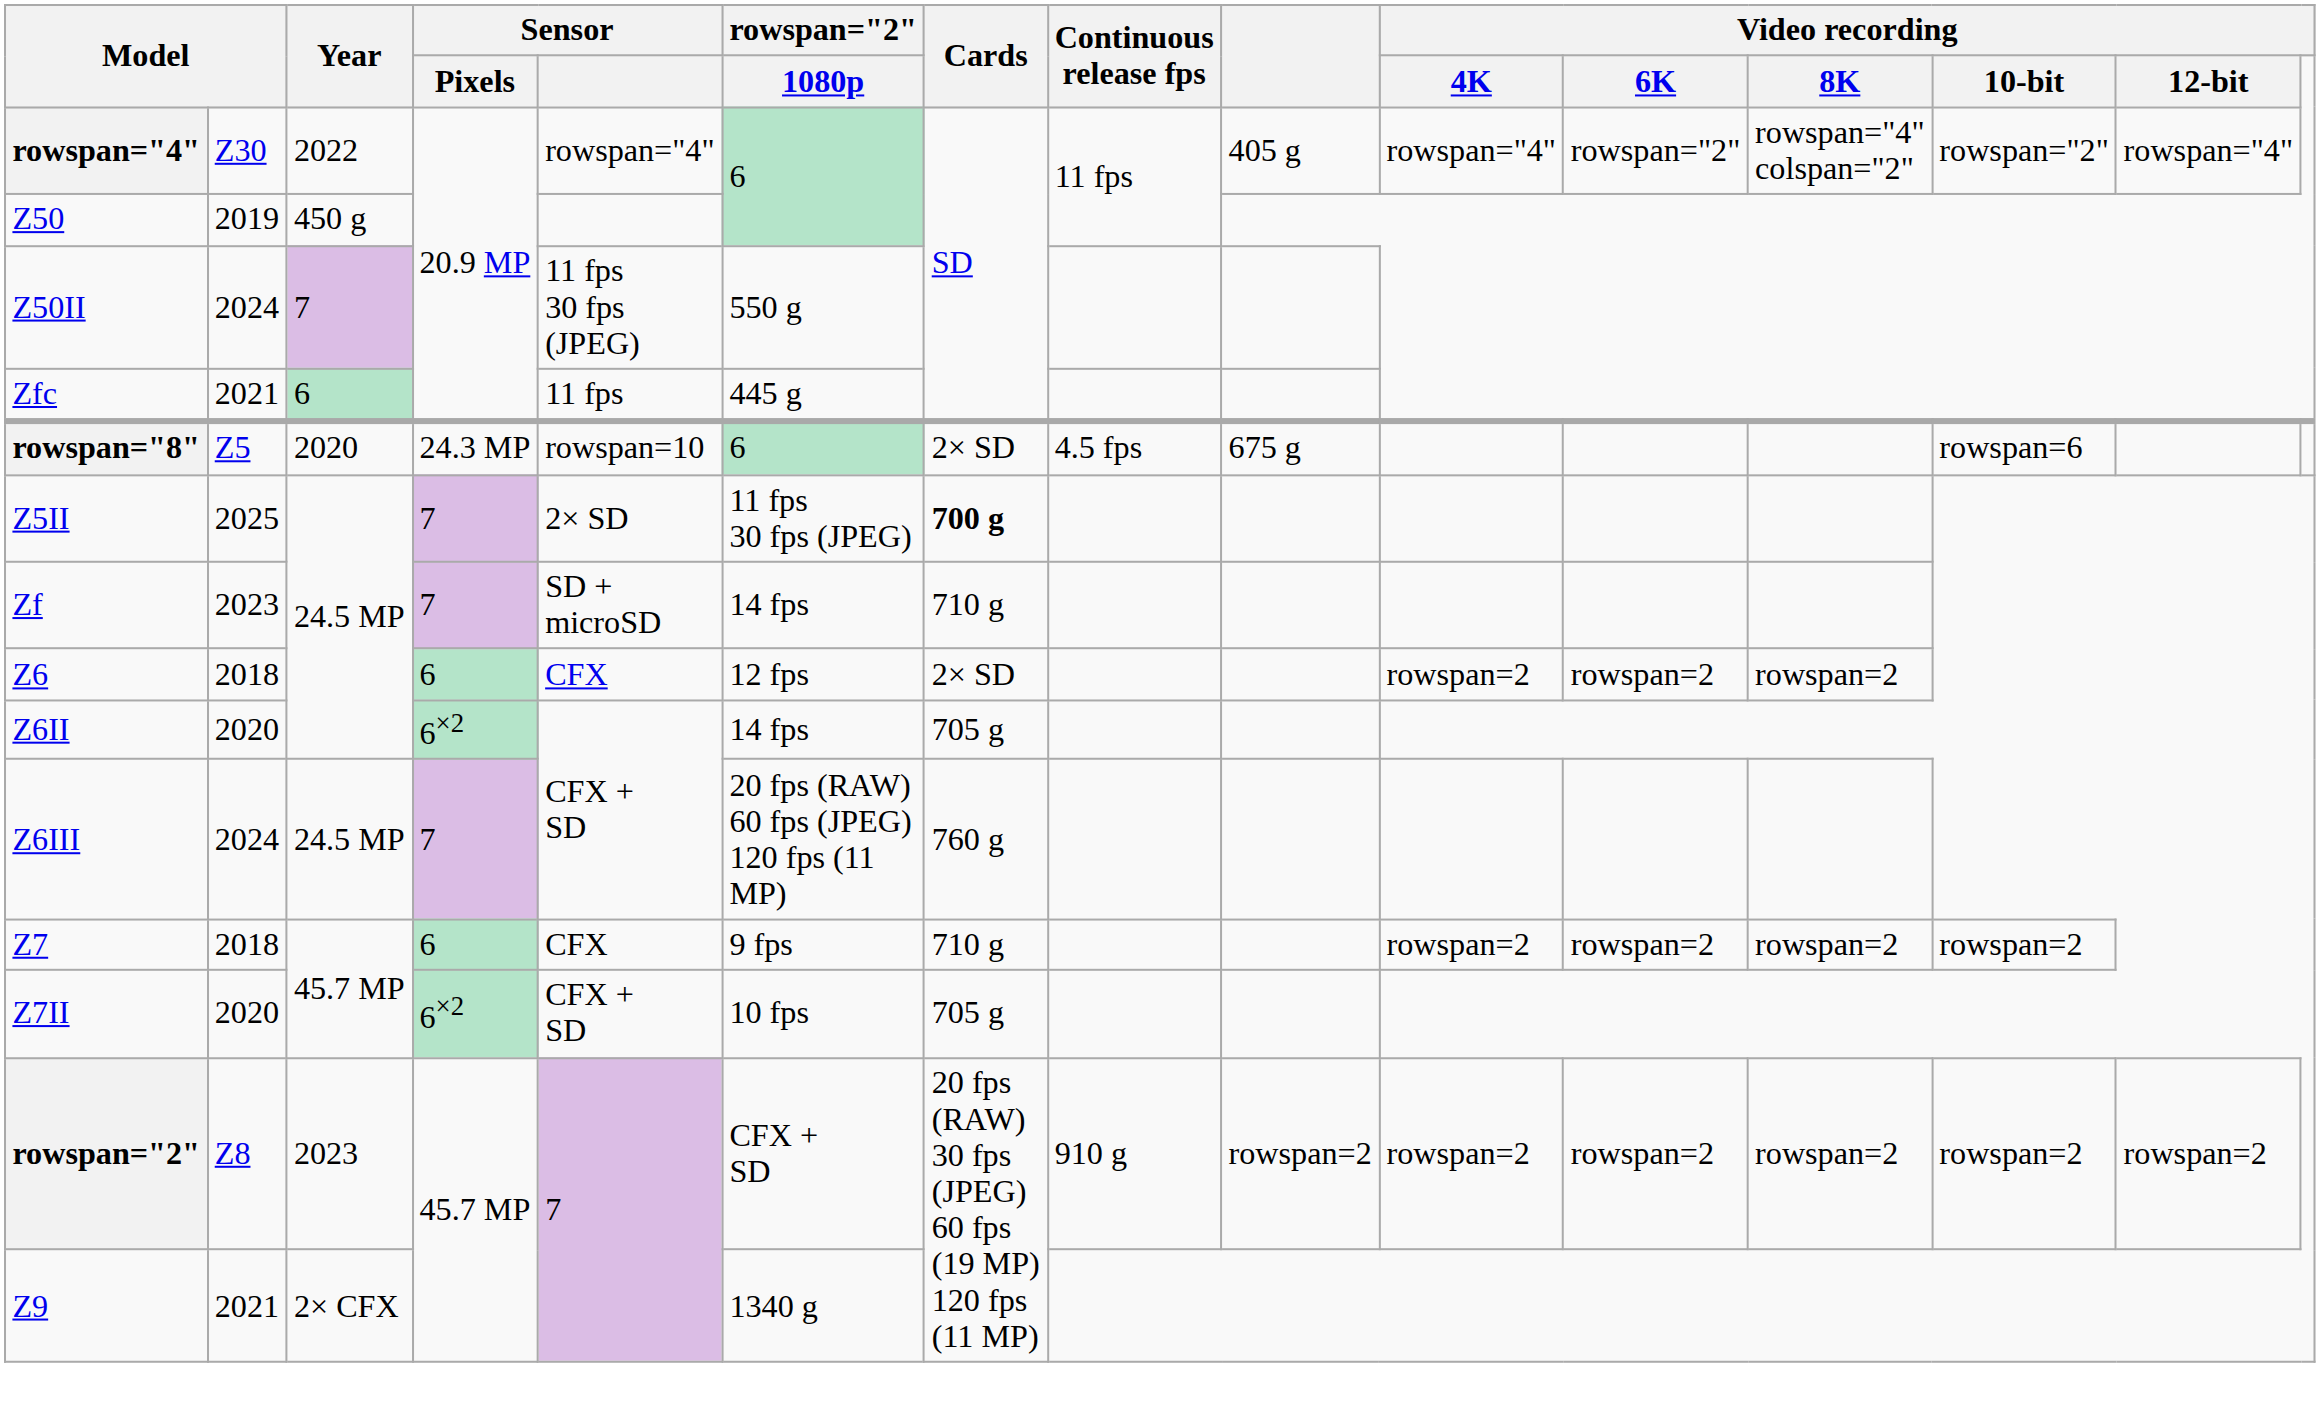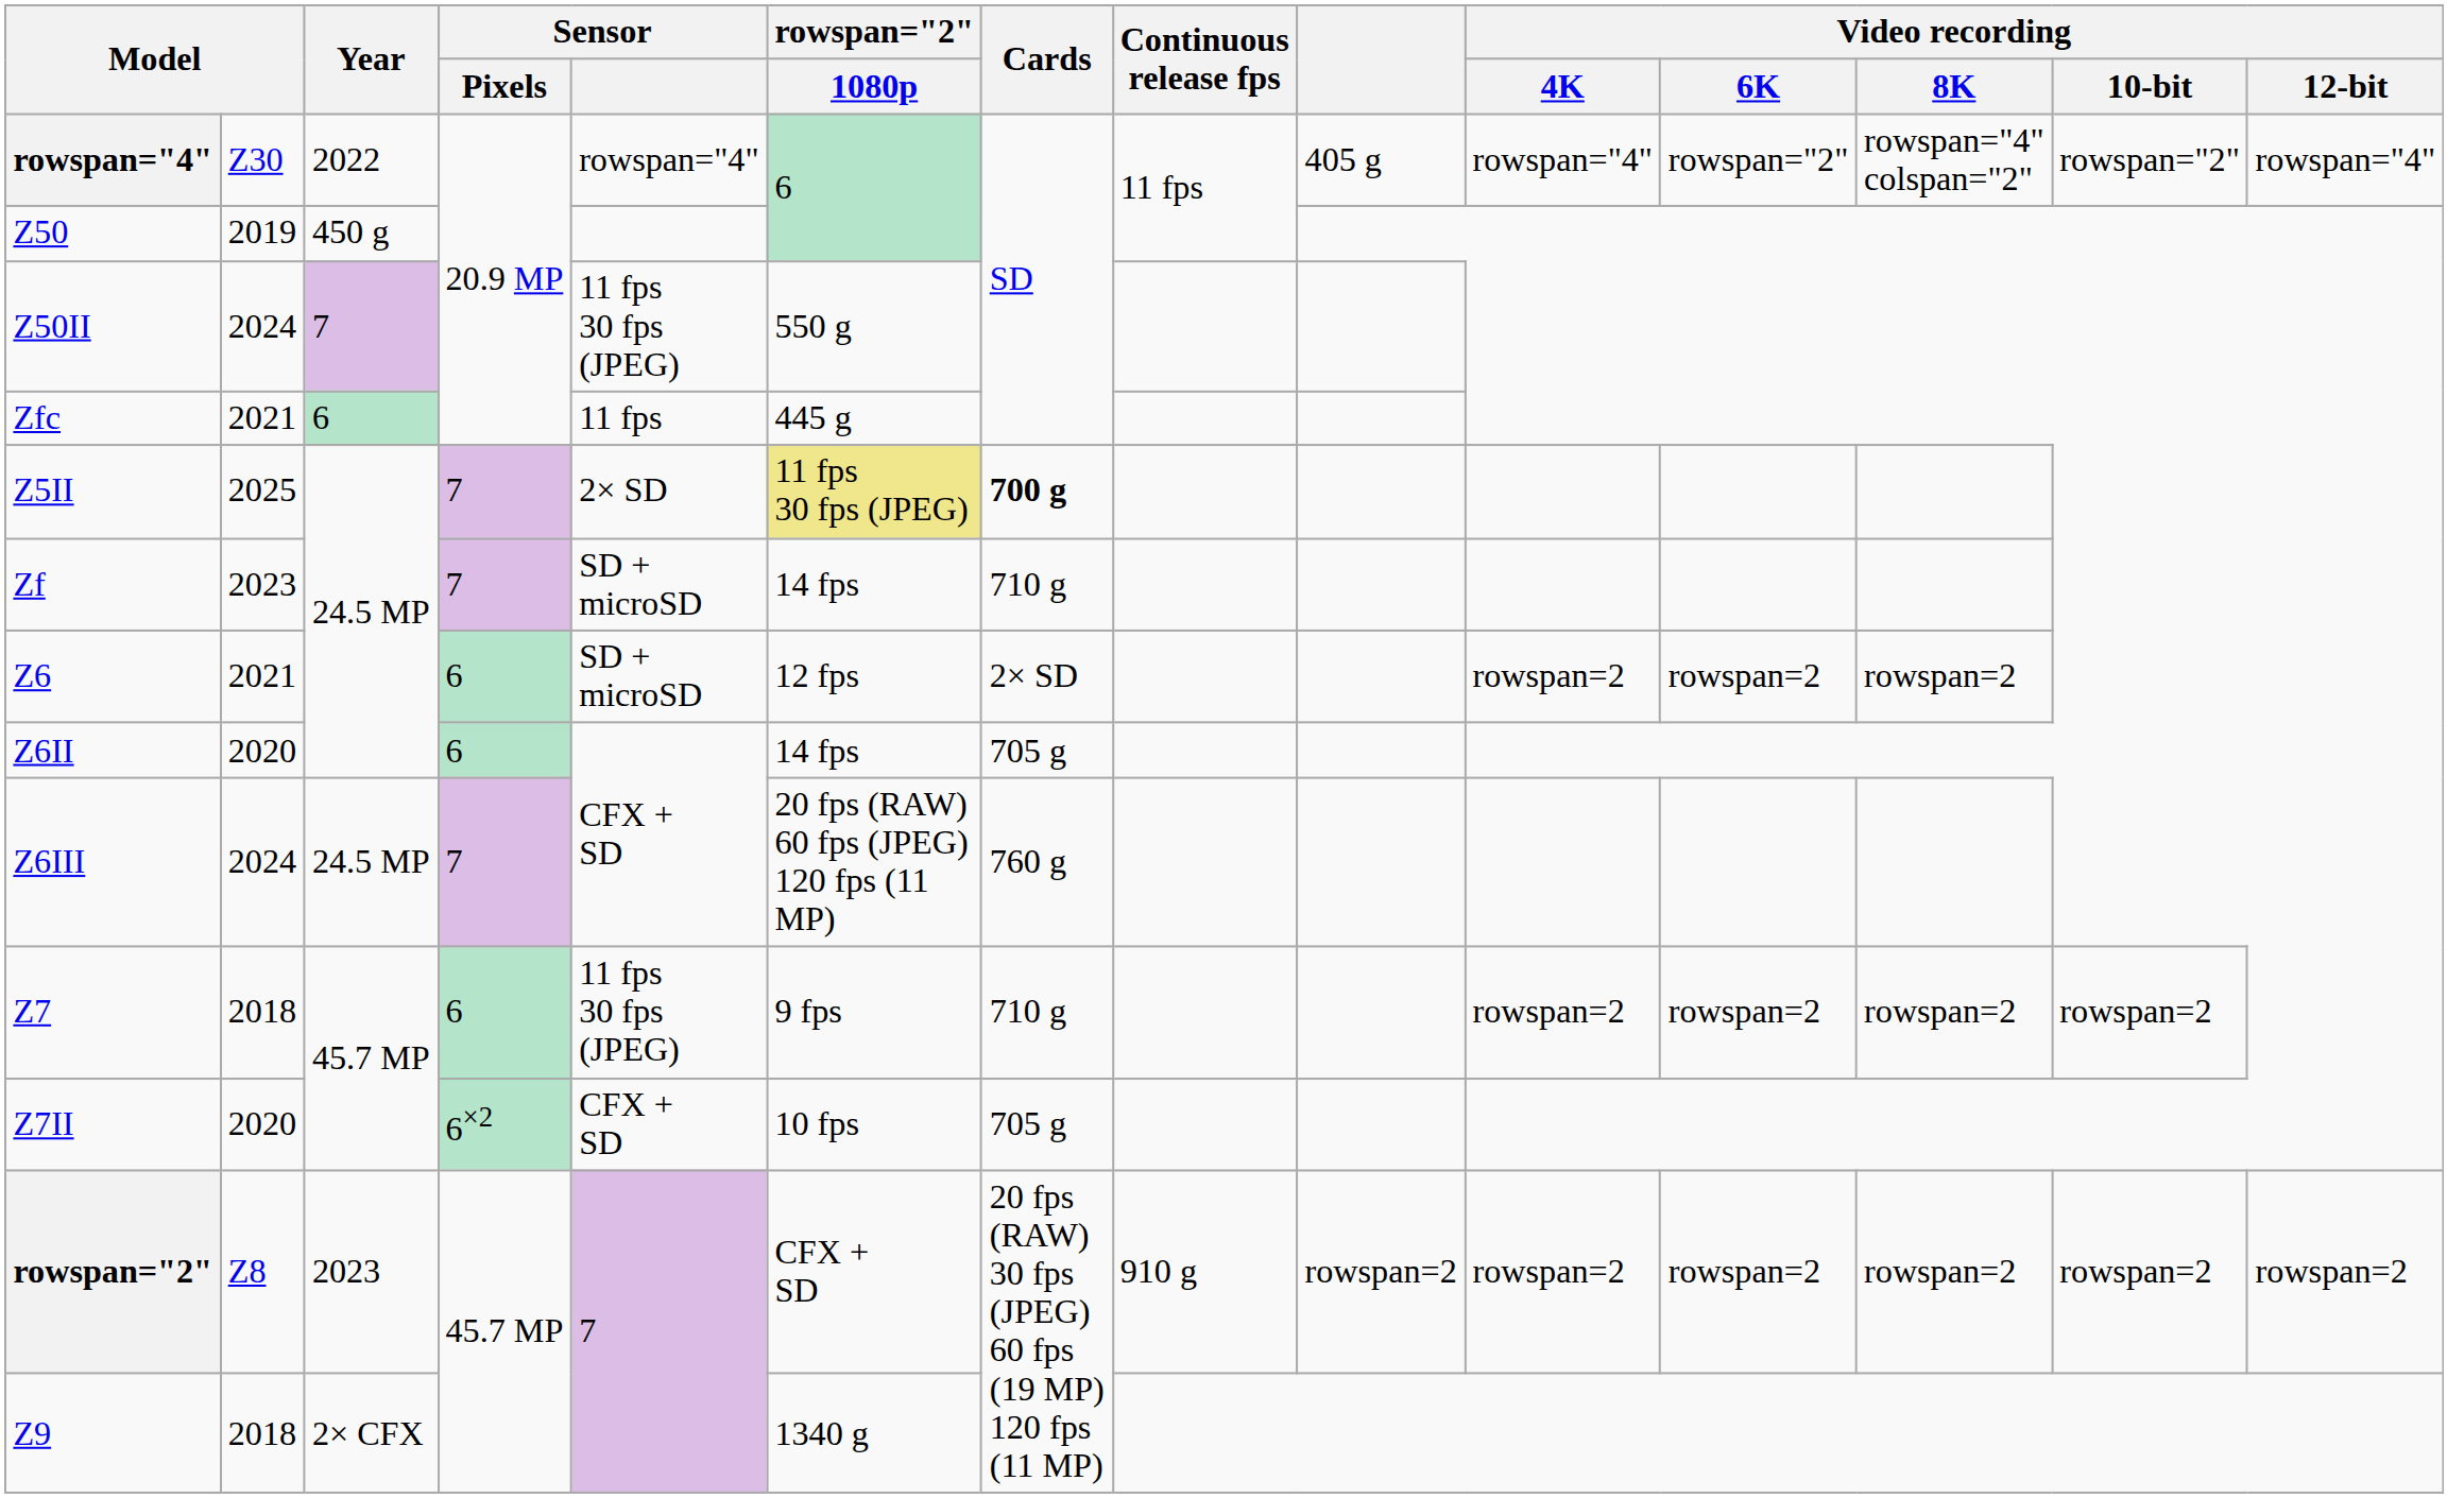 <table class="wikitable sortable" style="text-align:left">
 <tr bgcolor="#CCCCCC">
 <th colspan="2" rowspan="2">Model</th>
 <th rowspan="2">Year</th>
 <th colspan="2">Sensor</th>
 <th>rowspan="2" </th>
 <th rowspan="2">Cards</th>
 <th rowspan="2">Continuous<br>release fps</th>
 <th rowspan="2"></th>
 <th colspan="6">Video recording</th>
 </tr>
 <tr>
 <th>Pixels</th>
 <th></th>
 <th><a href='#'>1080p</a></th>
 <th><a href='#'>4K</a></th>
 <th><a href='#'>6K</a></th>
 <th><a href='#'>8K</a></th>
 <th>10-bit</th>
 <th>12-bit</th>
 </tr>
 <tr>
 <th>rowspan="4" </th>
 <td><a href='#'>Z30</a></td>
 <td>2022</td>
 <td rowspan="4">20.9 <a href='#'>MP</a></td>
 <td>rowspan="4" </td>
 <td rowspan="2" style="background:#b4e4c9;">6</td>
 <td rowspan="4"><a href='#'>SD</a></td>
 <td rowspan="2">11 fps</td>
 <td>405 g</td>
 <td>rowspan="4" </td>
 <td>rowspan="2" </td>
 <td>rowspan="4" colspan="2" </td>
 <td>rowspan="2" </td>
 <td>rowspan="4" </td>
 </tr>
 <tr>
 <td><a href='#'>Z50</a></td>
 <td>2019</td>
 <td>450 g</td>
 </tr>
 <tr>
 <td><a href='#'>Z50II</a></td>
 <td>2024</td>
 <td style="background:#dbbde5;">7</td>
 <td>11 fps<br>30 fps (JPEG)</td>
 <td>550 g</td>
 <td></td>
 <td></td>
 </tr>
 <tr>
 <td><a href='#'>Zfc</a></td>
 <td>2021</td>
 <td style="background:#b4e4c9;">6</td>
 <td>11 fps</td>
 <td>445 g</td>
 <td></td>
 <td></td>
 </tr>
-<tr style="border-top: solid 3px darkgray">
-<th>rowspan="8" </th>
-<td><a href='#'>Z5</a></td>
-<td>2020</td>
-<td>24.3 MP</td>
-<td>rowspan=10 </td>
-<td style="background:#b4e4c9;">6</td>
-<td>2× SD</td>
-<td>4.5 fps</td>
-<td>675 g</td>
-<td></td>
-<td></td>
-<td></td>
-<td>rowspan=6 </td>
-<td></td>
-<td></td>
-</tr>
 <tr>
 <td><a href='#'>Z5II</a></td>
 <td>2025</td>
 <td rowspan="4">24.5 MP</td>
 <td style="background:#dbbde5;">7</td>
 <td>2× SD</td>
-<td>11 fps<br>30 fps (JPEG)</td>
+<td style="background: khaki;">11 fps<br>30 fps (JPEG)</td>
 <td><strong>700 g</strong></td>
 <td></td>
 <td></td>
 <td></td>
 <td></td>
 <td></td>
 </tr>
 <tr>
 <td><a href='#'>Zf</a></td>
 <td>2023</td>
 <td style="background:#dbbde5;">7</td>
 <td>SD +<br>microSD</td>
 <td>14 fps</td>
 <td>710 g</td>
 <td></td>
 <td></td>
 <td></td>
 <td></td>
 <td></td>
 </tr>
 <tr>
 <td><a href='#'>Z6</a></td>
-<td>2018</td>
+<td>2021</td>
 <td style="background:#b4e4c9;">6</td>
-<td><a href='#'>CFX</a></td>
+<td>SD +<br>microSD</td>
 <td>12 fps</td>
 <td>2× SD</td>
 <td></td>
 <td></td>
 <td>rowspan=2 </td>
 <td>rowspan=2 </td>
 <td>rowspan=2 </td>
 </tr>
 <tr>
 <td><a href='#'>Z6II</a></td>
 <td>2020</td>
-<td style="background:#b4e4c9;">6<sup>×2</sup></td>
+<td style="background:#b4e4c9;">6</td>
 <td rowspan="2">CFX +<br>SD</td>
 <td>14 fps</td>
 <td>705 g</td>
 <td></td>
 <td></td>
 </tr>
 <tr>
 <td><a href='#'>Z6III</a></td>
 <td>2024</td>
 <td>24.5 MP</td>
 <td style="background:#dbbde5;">7</td>
 <td>20 fps (RAW)<br>60 fps (JPEG)<br>120 fps (11 MP)<br></td>
 <td>760 g</td>
 <td></td>
 <td></td>
 <td></td>
 <td></td>
 <td></td>
 </tr>
 <tr>
 <td><a href='#'>Z7</a></td>
 <td>2018</td>
 <td rowspan=2>45.7 MP</td>
 <td style="background:#b4e4c9;">6</td>
-<td>CFX</td>
+<td>11 fps<br>30 fps (JPEG)</td>
 <td>9 fps</td>
 <td>710 g</td>
 <td></td>
 <td></td>
 <td>rowspan=2 </td>
 <td>rowspan=2 </td>
 <td>rowspan=2 </td>
 <td>rowspan=2 </td>
 </tr>
 <tr>
 <td><a href='#'>Z7II</a></td>
 <td>2020</td>
 <td style="background:#b4e4c9;">6<sup>×2</sup></td>
 <td>CFX +<br>SD</td>
 <td>10 fps</td>
 <td>705 g</td>
 <td></td>
 <td></td>
 </tr>
 <tr>
 <th>rowspan="2" </th>
 <td><a href='#'>Z8</a></td>
 <td>2023</td>
 <td rowspan=2>45.7 MP</td>
 <td rowspan="2" style="background:#dbbde5;">7</td>
 <td>CFX +<br>SD</td>
 <td rowspan=2>20 fps (RAW)<br>30 fps (JPEG)<br>60 fps (19 MP)<br>120 fps (11 MP)</td>
 <td>910 g</td>
 <td>rowspan=2 </td>
 <td>rowspan=2 </td>
 <td>rowspan=2 </td>
 <td>rowspan=2 </td>
 <td>rowspan=2 </td>
 <td>rowspan=2 </td>
 </tr>
 <tr>
 <td><a href='#'>Z9</a></td>
-<td>2021</td>
+<td>2018</td>
 <td>2× CFX</td>
 <td>1340 g</td>
 </tr>
 </table>
